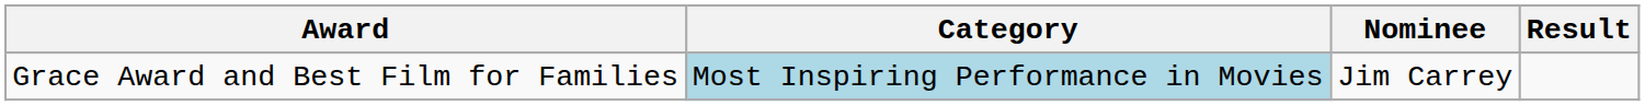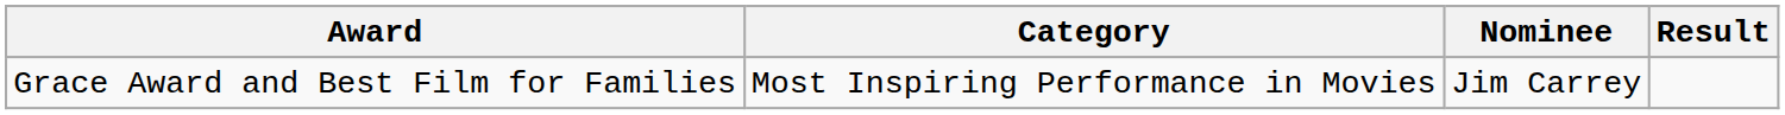 <table class="wikitable sortable">
 <tr>
 <th>Award</th>
 <th>Category</th>
 <th>Nominee</th>
 <th>Result</th>
 </tr>
 <tr>
 <td rowspan="2">Grace Award and Best Film for Families</td>
-<td style="background: lightblue;">Most Inspiring Performance in Movies</td>
+<td>Most Inspiring Performance in Movies</td>
 <td>Jim Carrey</td>
 <td></td>
 </tr>
 </table>
